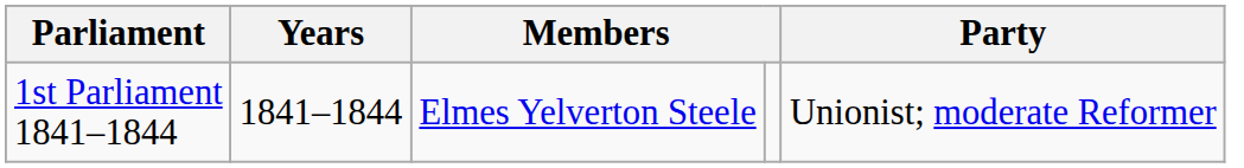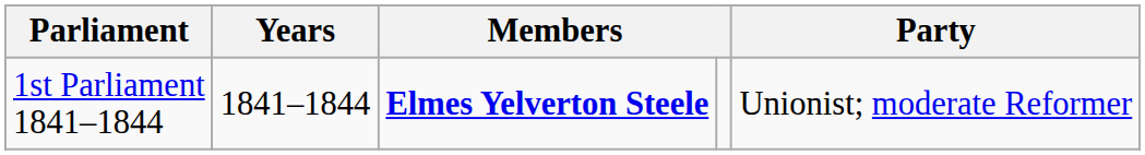 <table class="wikitable">
 <tr>
 <th>Parliament</th>
 <th>Years</th>
 <th colspan="2">Members</th>
 <th>Party</th>
 </tr>
 <tr>
 <td><a href='#'>1st Parliament</a><br>1841–1844</td>
 <td>1841–1844</td>
-<td><a href='#'>Elmes Yelverton Steele</a></td>
+<td><strong><a href='#'>Elmes Yelverton Steele</a></strong></td>
 <td></td>
 <td>Unionist; <a href='#'>moderate Reformer</a></td>
 </tr>
 </table>
